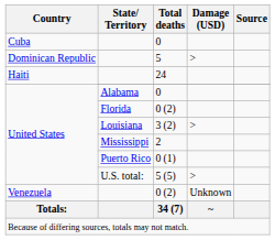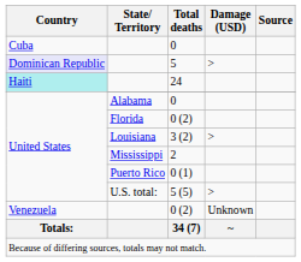 <table class="wikitable sortable" border="1" style="float:right;margin:0 0 0.5em 1em; float:right;">
 <tr align = "center">
 <th>Country</th>
 <th>State/<br>Territory</th>
 <th>Total<br>deaths</th>
 <th>Damage<br>(USD)</th>
 <th ! class="unsortable">Source</th>
 </tr>
 <tr>
 <td><a href='#'>Cuba</a></td>
 <td></td>
 <td>0</td>
 <td></td>
 <td></td>
 </tr>
 <tr>
-<td><a href='#'>Dominican Republic</a></td>
+<td style="background: lavender;"><a href='#'>Dominican Republic</a></td>
 <td></td>
 <td>5</td>
 <td>></td>
 <td></td>
 </tr>
 <tr>
-<td><a href='#'>Haiti</a></td>
+<td style="background: paleturquoise;"><a href='#'>Haiti</a></td>
 <td></td>
 <td>24</td>
 <td></td>
 <td></td>
 </tr>
 <tr>
 <td rowspan="7"><a href='#'>United States</a></td>
 </tr>
 <tr>
 <td><a href='#'>Alabama</a></td>
 <td>0</td>
 <td></td>
 <td></td>
 </tr>
 <tr>
 <td><a href='#'>Florida</a></td>
 <td>0 (2)</td>
 <td></td>
 <td></td>
 </tr>
 <tr>
 <td><a href='#'>Louisiana</a></td>
 <td>3 (2)</td>
 <td>></td>
 <td></td>
 </tr>
 <tr>
 <td><a href='#'>Mississippi</a></td>
 <td>2</td>
 <td></td>
 <td></td>
 </tr>
 <tr>
 <td><a href='#'>Puerto Rico</a></td>
 <td>0 (1)</td>
 <td></td>
 <td></td>
 </tr>
 <tr>
 <td>U.S. total:</td>
 <td>5 (5)</td>
 <td>></td>
 <td></td>
 </tr>
 <tr>
 <td><a href='#'>Venezuela</a></td>
 <td></td>
 <td>0 (2)</td>
 <td>Unknown</td>
 <td></td>
 </tr>
 <tr class="sortbottom">
 <th>Totals:</th>
 <th></th>
 <th>34 (7)</th>
 <th>~</th>
 <th></th>
 </tr>
 <tr class="sortbottom">
 <td colspan = 5><small>Because of differing sources, totals may not match.</small></td>
 </tr>
 </table>
